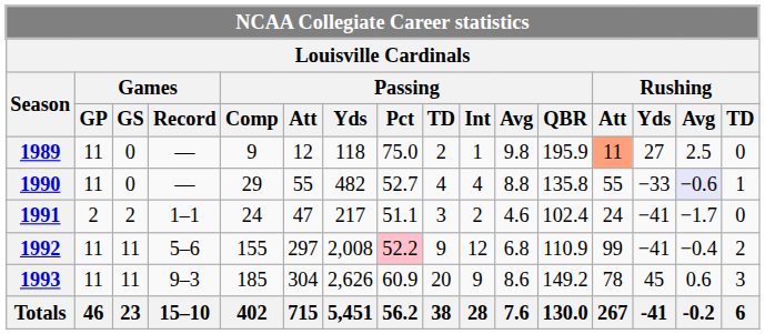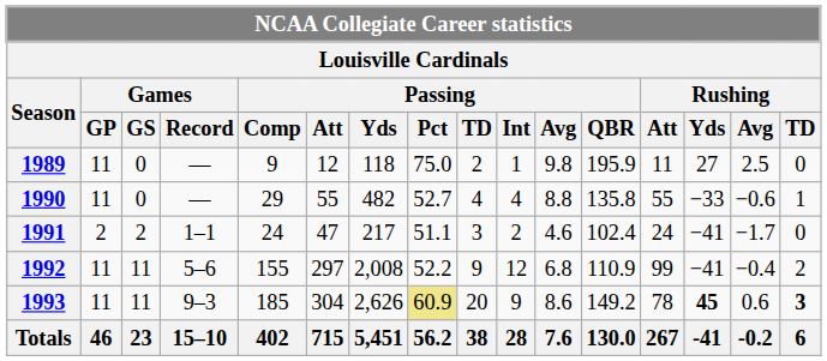 <table class=wikitable style="text-align:center;">
 <tr>
 <th colspan="17" style="background:gray; border:2px solid silver; color:white;">NCAA Collegiate Career statistics</th>
 </tr>
 <tr>
 <th colspan="17">Louisville Cardinals</th>
 </tr>
 <tr>
 <th rowspan="2">Season</th>
 <th colspan="3">Games</th>
 <th colspan="8">Passing</th>
 <th colspan="4">Rushing</th>
 </tr>
 <tr>
 <th>GP</th>
 <th>GS</th>
 <th>Record</th>
 <th>Comp</th>
 <th>Att</th>
 <th>Yds</th>
 <th>Pct</th>
 <th>TD</th>
 <th>Int</th>
 <th>Avg</th>
 <th>QBR</th>
 <th>Att</th>
 <th>Yds</th>
 <th>Avg</th>
 <th>TD</th>
 </tr>
 <tr>
 <th><a href='#'>1989</a></th>
 <td>11</td>
 <td>0</td>
 <td>—</td>
 <td>9</td>
 <td>12</td>
 <td>118</td>
 <td>75.0</td>
 <td>2</td>
 <td>1</td>
 <td>9.8</td>
 <td>195.9</td>
-<td style="background: lightsalmon;">11</td>
+<td>11</td>
 <td>27</td>
 <td>2.5</td>
 <td>0</td>
 </tr>
 <tr>
 <th><a href='#'>1990</a></th>
 <td>11</td>
 <td>0</td>
 <td>—</td>
 <td>29</td>
 <td>55</td>
 <td>482</td>
 <td>52.7</td>
 <td>4</td>
 <td>4</td>
 <td>8.8</td>
 <td>135.8</td>
 <td>55</td>
 <td>−33</td>
-<td style="background: lavender;">−0.6</td>
+<td>−0.6</td>
 <td>1</td>
 </tr>
 <tr>
 <th><a href='#'>1991</a></th>
 <td>2</td>
 <td>2</td>
 <td>1–1</td>
 <td>24</td>
 <td>47</td>
 <td>217</td>
 <td>51.1</td>
 <td>3</td>
 <td>2</td>
 <td>4.6</td>
 <td>102.4</td>
 <td>24</td>
 <td>−41</td>
 <td>−1.7</td>
 <td>0</td>
 </tr>
 <tr>
 <th><a href='#'>1992</a></th>
 <td>11</td>
 <td>11</td>
 <td>5–6</td>
 <td>155</td>
 <td>297</td>
 <td>2,008</td>
-<td style="background: pink;">52.2</td>
+<td>52.2</td>
 <td>9</td>
 <td>12</td>
 <td>6.8</td>
 <td>110.9</td>
 <td>99</td>
 <td>−41</td>
 <td>−0.4</td>
 <td>2</td>
 </tr>
 <tr>
 <th><a href='#'>1993</a></th>
 <td>11</td>
 <td>11</td>
 <td>9–3</td>
 <td>185</td>
 <td>304</td>
 <td>2,626</td>
-<td>60.9</td>
+<td style="background: khaki;">60.9</td>
 <td>20</td>
 <td>9</td>
 <td>8.6</td>
 <td>149.2</td>
 <td>78</td>
-<td>45</td>
+<td><strong>45</strong></td>
 <td>0.6</td>
-<td>3</td>
+<td><strong>3</strong></td>
 </tr>
 <tr>
 <th>Totals</th>
 <th>46</th>
 <th>23</th>
 <th>15–10</th>
 <th>402</th>
 <th>715</th>
 <th>5,451</th>
 <th>56.2</th>
 <th>38</th>
 <th>28</th>
 <th>7.6</th>
 <th>130.0</th>
 <th>267</th>
 <th>-41</th>
 <th>-0.2</th>
 <th>6</th>
 </tr>
 </table>
